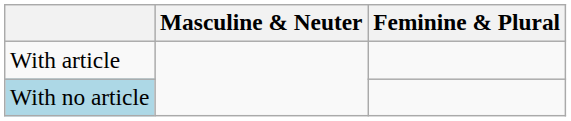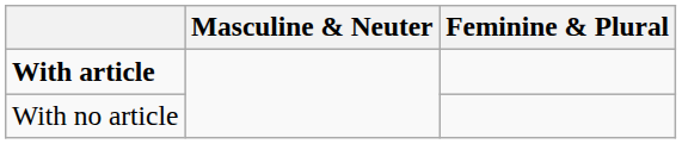 <table class="wikitable">
 <tr>
 <th></th>
 <th>Masculine & Neuter</th>
 <th>Feminine & Plural</th>
 </tr>
 <tr>
-<td>With article</td>
+<td><strong>With article</strong></td>
 <td rowspan="2"></td>
 <td></td>
 </tr>
 <tr>
-<td style="background: lightblue;">With no article</td>
+<td>With no article</td>
 <td></td>
 </tr>
 </table>
